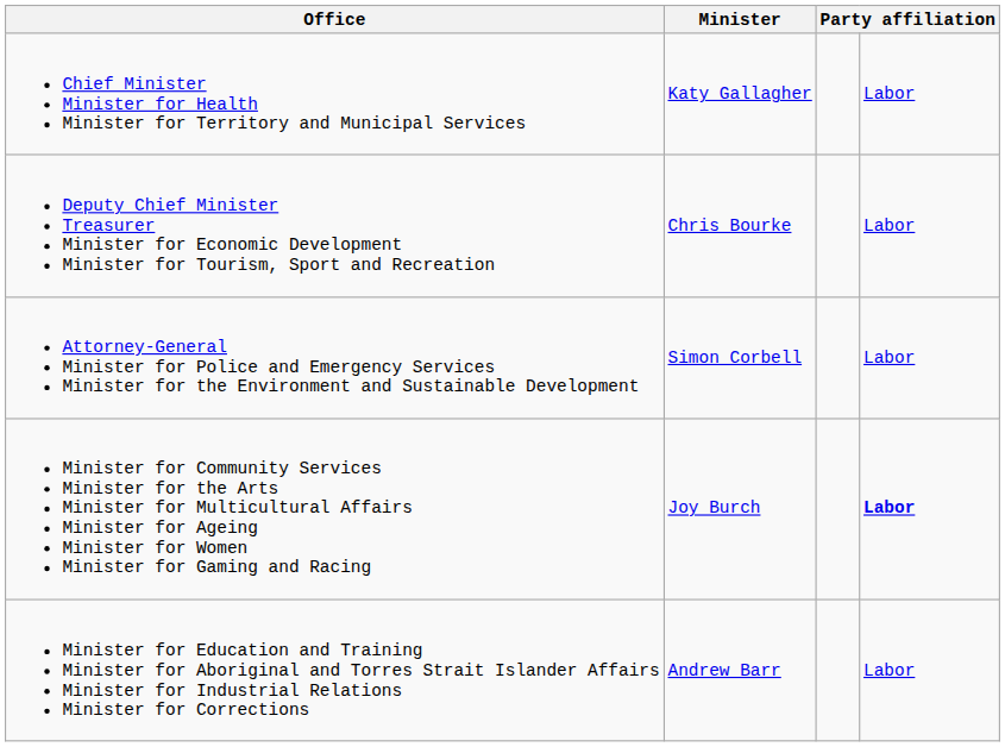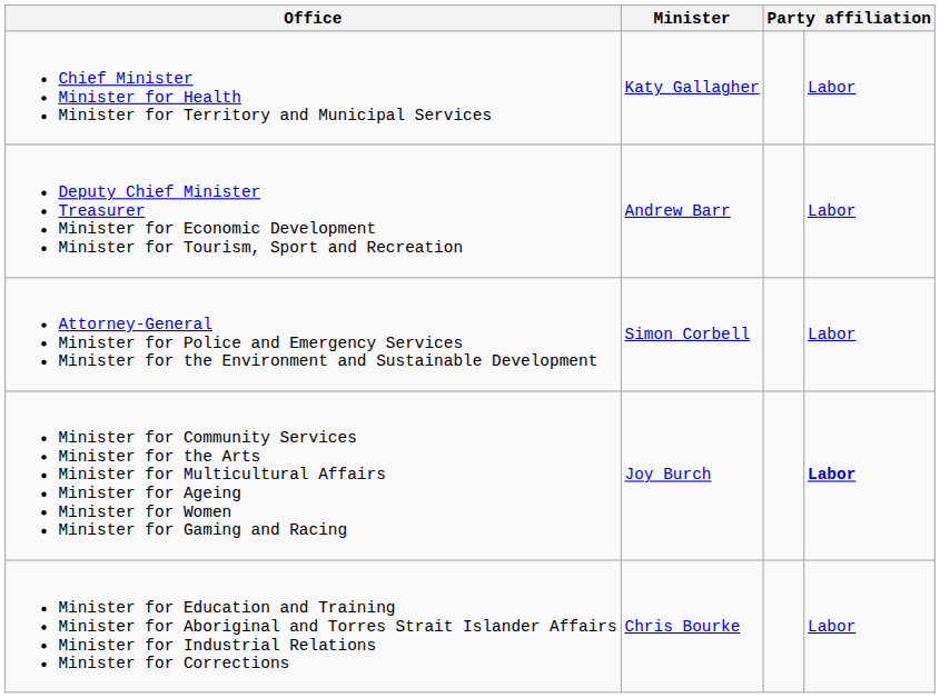 <table class="wikitable">
 <tr>
 <th>Office</th>
 <th>Minister</th>
 <th colspan=2>Party affiliation</th>
 </tr>
 <tr>
 <td><br><ul><li><a href='#'>Chief Minister</a></li><li><a href='#'>Minister for Health</a></li><li>Minister for Territory and Municipal Services</li></ul></td>
 <td><a href='#'>Katy Gallagher</a></td>
 <td> </td>
 <td><a href='#'>Labor</a></td>
 </tr>
 <tr>
 <td><br><ul><li><a href='#'>Deputy Chief Minister</a></li><li><a href='#'>Treasurer</a></li><li>Minister for Economic Development</li><li>Minister for Tourism, Sport and Recreation</li></ul></td>
-<td><a href='#'>Chris Bourke</a></td>
+<td><a href='#'>Andrew Barr</a></td>
 <td> </td>
 <td><a href='#'>Labor</a></td>
 </tr>
 <tr>
 <td><br><ul><li><a href='#'>Attorney-General</a></li><li>Minister for Police and Emergency Services</li><li>Minister for the Environment and Sustainable Development</li></ul></td>
 <td><a href='#'>Simon Corbell</a></td>
 <td> </td>
 <td><a href='#'>Labor</a></td>
 </tr>
 <tr>
 <td><br><ul><li>Minister for Community Services</li><li>Minister for the Arts</li><li>Minister for Multicultural Affairs</li><li>Minister for Ageing</li><li>Minister for Women</li><li>Minister for Gaming and Racing</li></ul></td>
 <td><a href='#'>Joy Burch</a></td>
 <td> </td>
 <td><strong><a href='#'>Labor</a></strong></td>
 </tr>
 <tr>
 <td><br><ul><li>Minister for Education and Training</li><li>Minister for Aboriginal and Torres Strait Islander Affairs</li><li>Minister for Industrial Relations</li><li>Minister for Corrections</li></ul></td>
-<td><a href='#'>Andrew Barr</a></td>
+<td><a href='#'>Chris Bourke</a></td>
 <td> </td>
 <td><a href='#'>Labor</a></td>
 </tr>
 </table>
